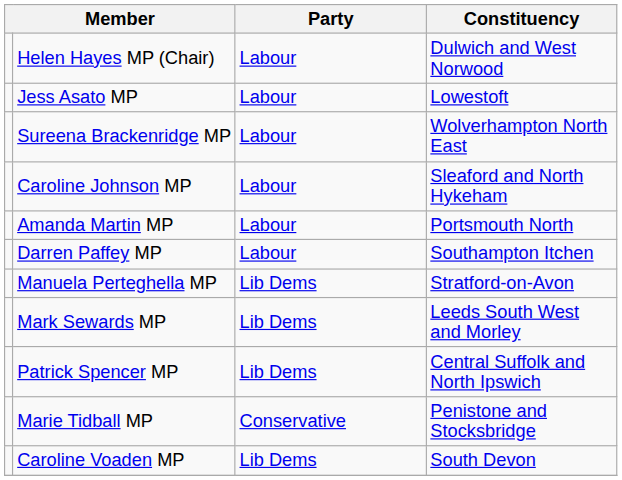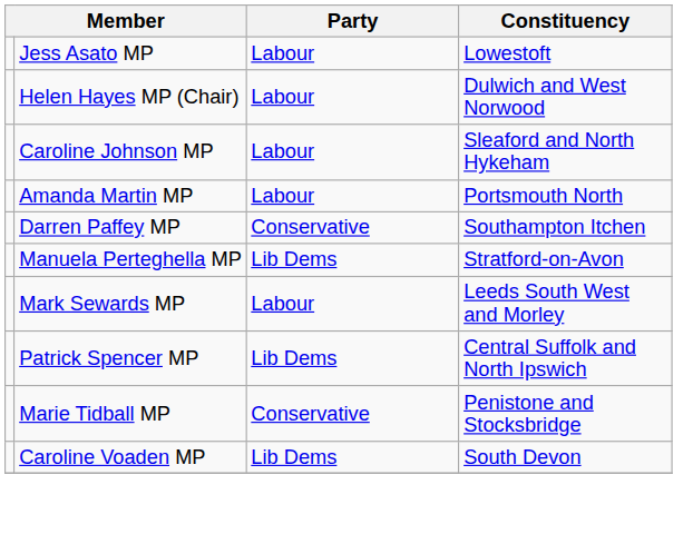 <table class="wikitable">
 <tr>
 <th colspan="2" width="160px" valign="top">Member</th>
 <th width="160px" valign="top">Party</th>
 <th width="160px" valign="top">Constituency</th>
-</tr>
-<tr>
-<td style="color:inherit;background:"></td>
-<td><a href='#'>Helen Hayes</a> MP (Chair)</td>
-<td><a href='#'>Labour</a></td>
-<td><a href='#'>Dulwich and West Norwood</a></td>
 </tr>
 <tr>
 <td style="color:inherit;background:"></td>
 <td><a href='#'>Jess Asato</a> MP</td>
 <td><a href='#'>Labour</a></td>
 <td><a href='#'>Lowestoft</a></td>
 </tr>
 <tr>
 <td style="color:inherit;background:"></td>
-<td><a href='#'>Sureena Brackenridge</a> MP</td>
+<td><a href='#'>Helen Hayes</a> MP (Chair)</td>
 <td><a href='#'>Labour</a></td>
-<td><a href='#'>Wolverhampton North East</a></td>
+<td><a href='#'>Dulwich and West Norwood</a></td>
 </tr>
 <tr>
 <td style="color:inherit;background:"></td>
 <td><a href='#'>Caroline Johnson</a> MP</td>
 <td><a href='#'>Labour</a></td>
 <td><a href='#'>Sleaford and North Hykeham</a></td>
 </tr>
 <tr>
 <td style="color:inherit;background:"></td>
 <td><a href='#'>Amanda Martin</a> MP</td>
 <td><a href='#'>Labour</a></td>
 <td><a href='#'>Portsmouth North</a></td>
 </tr>
 <tr>
 <td style="color:inherit;background:"></td>
 <td><a href='#'>Darren Paffey</a> MP</td>
-<td><a href='#'>Labour</a></td>
+<td><a href='#'>Conservative</a></td>
 <td><a href='#'>Southampton Itchen</a></td>
 </tr>
 <tr>
 <td style="color:inherit;background:"></td>
 <td><a href='#'>Manuela Perteghella</a> MP</td>
 <td><a href='#'>Lib Dems</a></td>
 <td><a href='#'>Stratford-on-Avon</a></td>
 </tr>
 <tr>
 <td style="color:inherit;background:"></td>
 <td><a href='#'>Mark Sewards</a> MP</td>
-<td><a href='#'>Lib Dems</a></td>
+<td><a href='#'>Labour</a></td>
 <td><a href='#'>Leeds South West and Morley</a></td>
 </tr>
 <tr>
 <td style="color:inherit;background:"></td>
 <td><a href='#'>Patrick Spencer</a> MP</td>
 <td><a href='#'>Lib Dems</a></td>
 <td><a href='#'>Central Suffolk and North Ipswich</a></td>
 </tr>
 <tr>
 <td style="color:inherit;background:"></td>
 <td><a href='#'>Marie Tidball</a> MP</td>
 <td><a href='#'>Conservative</a></td>
 <td><a href='#'>Penistone and Stocksbridge</a></td>
 </tr>
 <tr>
 <td style="color:inherit;background:"></td>
 <td><a href='#'>Caroline Voaden</a> MP</td>
 <td><a href='#'>Lib Dems</a></td>
 <td><a href='#'>South Devon</a></td>
 </tr>
 <tr>
 </tr>
 </table>
